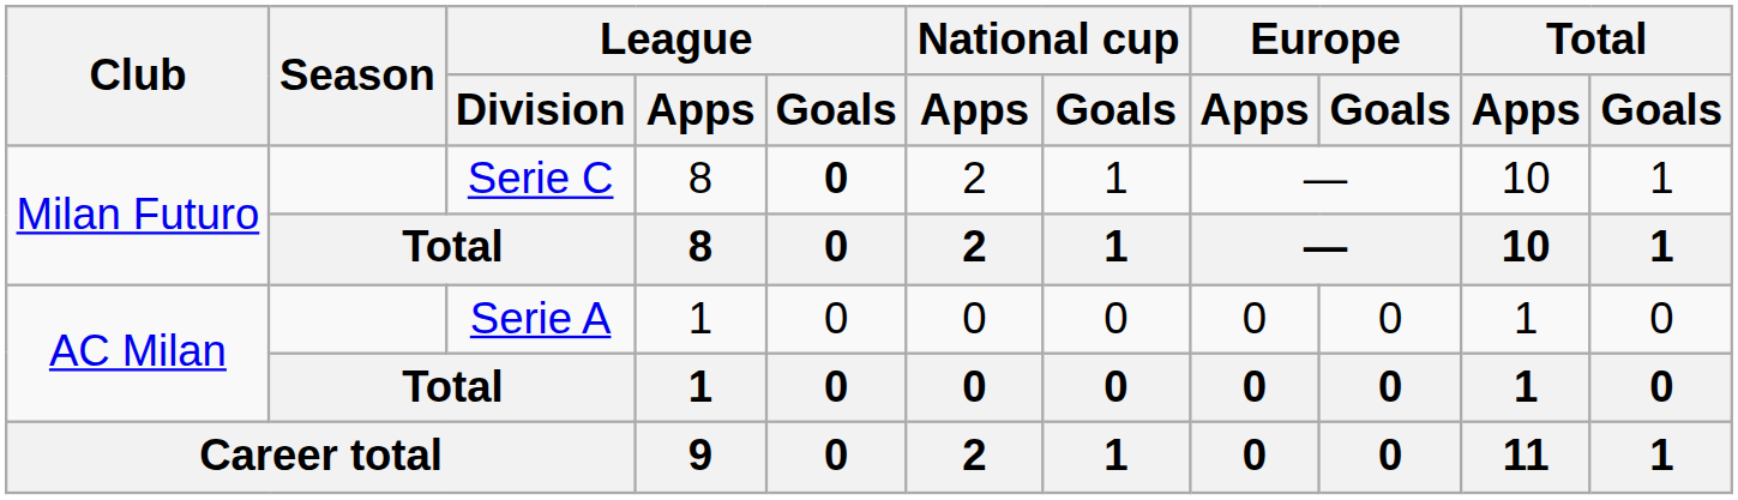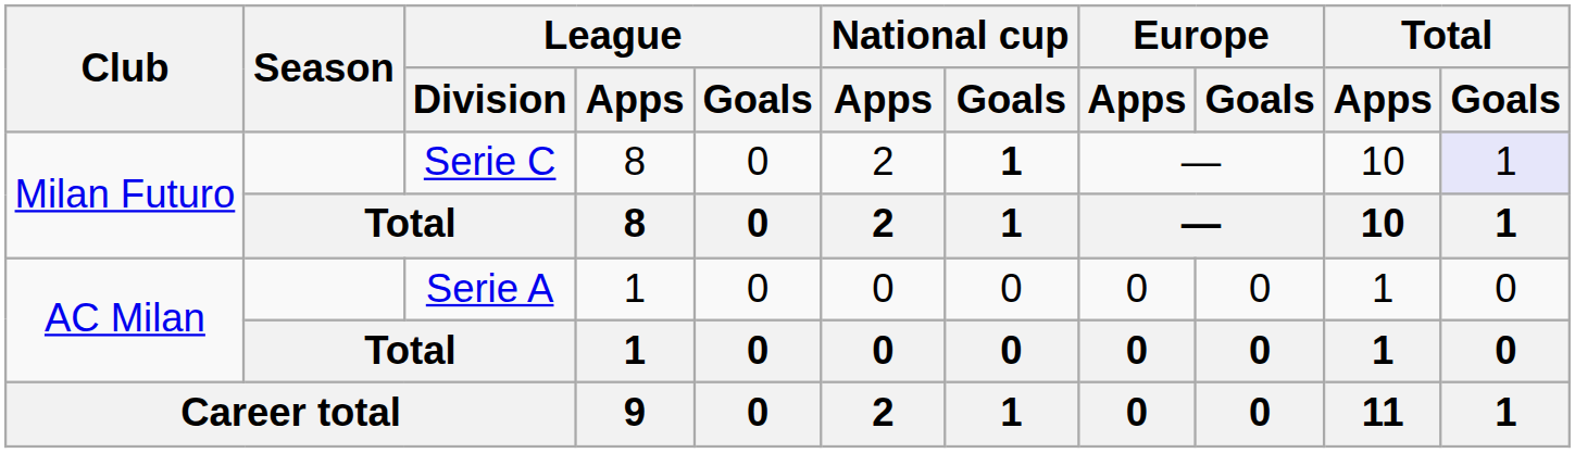 <table class="wikitable" style="text-align:center">
 <tr>
 <th rowspan="2">Club</th>
 <th rowspan="2">Season</th>
 <th colspan="3">League</th>
 <th colspan="2">National cup</th>
 <th colspan="2">Europe</th>
 <th colspan="2">Total</th>
 </tr>
 <tr>
 <th>Division</th>
 <th>Apps</th>
 <th>Goals</th>
 <th>Apps</th>
 <th>Goals</th>
 <th>Apps</th>
 <th>Goals</th>
 <th>Apps</th>
 <th>Goals</th>
 </tr>
 <tr>
 <td rowspan="2"><a href='#'>Milan Futuro</a></td>
 <td></td>
 <td><a href='#'>Serie C</a></td>
 <td>8</td>
-<td><strong>0</strong></td>
+<td>0</td>
 <td>2</td>
-<td>1</td>
+<td><strong>1</strong></td>
 <td colspan="2">—</td>
 <td>10</td>
-<td>1</td>
+<td style="background: lavender;">1</td>
 </tr>
 <tr>
 <th colspan="2">Total</th>
 <th>8</th>
 <th>0</th>
 <th>2</th>
 <th>1</th>
 <th colspan="2">—</th>
 <th>10</th>
 <th>1</th>
 </tr>
 <tr>
 <td rowspan="2"><a href='#'>AC Milan</a></td>
 <td></td>
 <td><a href='#'>Serie A</a></td>
 <td>1</td>
 <td>0</td>
 <td>0</td>
 <td>0</td>
 <td>0</td>
 <td>0</td>
 <td>1</td>
 <td>0</td>
 </tr>
 <tr>
 <th colspan="2">Total</th>
 <th>1</th>
 <th>0</th>
 <th>0</th>
 <th>0</th>
 <th>0</th>
 <th>0</th>
 <th>1</th>
 <th>0</th>
 </tr>
 <tr>
 <th colspan="3">Career total</th>
 <th>9</th>
 <th>0</th>
 <th>2</th>
 <th>1</th>
 <th>0</th>
 <th>0</th>
 <th>11</th>
 <th>1</th>
 </tr>
 </table>
